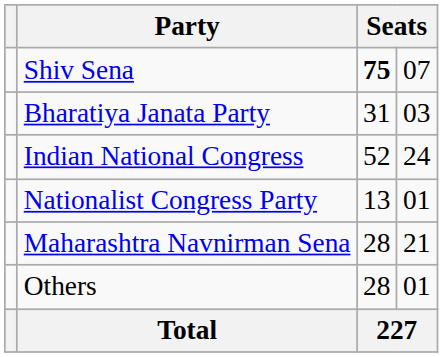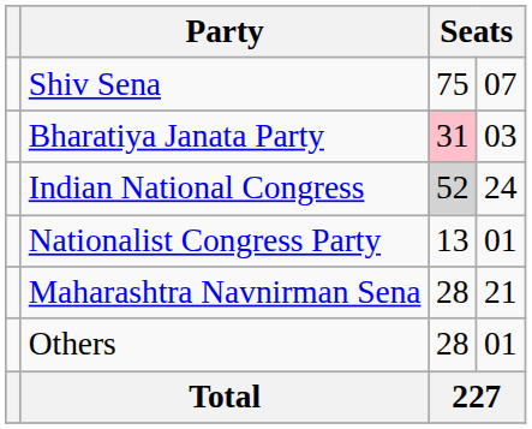 <table class="wikitable">
 <tr>
 <th></th>
 <th>Party</th>
 <th colspan="2">Seats</th>
 </tr>
 <tr>
 <td style="background-color: "></td>
 <td><a href='#'>Shiv Sena</a></td>
-<td><strong>75</strong></td>
+<td>75</td>
 <td> 07</td>
 </tr>
 <tr>
 <td style="background-color:"></td>
 <td><a href='#'>Bharatiya Janata Party</a></td>
-<td>31</td>
+<td style="background: pink;">31</td>
 <td> 03</td>
 </tr>
 <tr>
 <td style="background-color: "></td>
 <td><a href='#'>Indian National Congress</a></td>
-<td>52</td>
+<td style="background: lightgrey;">52</td>
 <td> 24</td>
 </tr>
 <tr>
 <td style="background-color: "></td>
 <td><a href='#'>Nationalist Congress Party</a></td>
 <td>13</td>
 <td> 01</td>
 </tr>
 <tr>
 <td style="background-color: "></td>
 <td><a href='#'>Maharashtra Navnirman Sena</a></td>
 <td>28</td>
 <td> 21</td>
 </tr>
 <tr>
 <td></td>
 <td>Others</td>
 <td>28</td>
 <td> 01</td>
 </tr>
 <tr>
 <th></th>
 <th><strong>Total</strong></th>
 <th colspan="2">227</th>
 </tr>
 </table>
